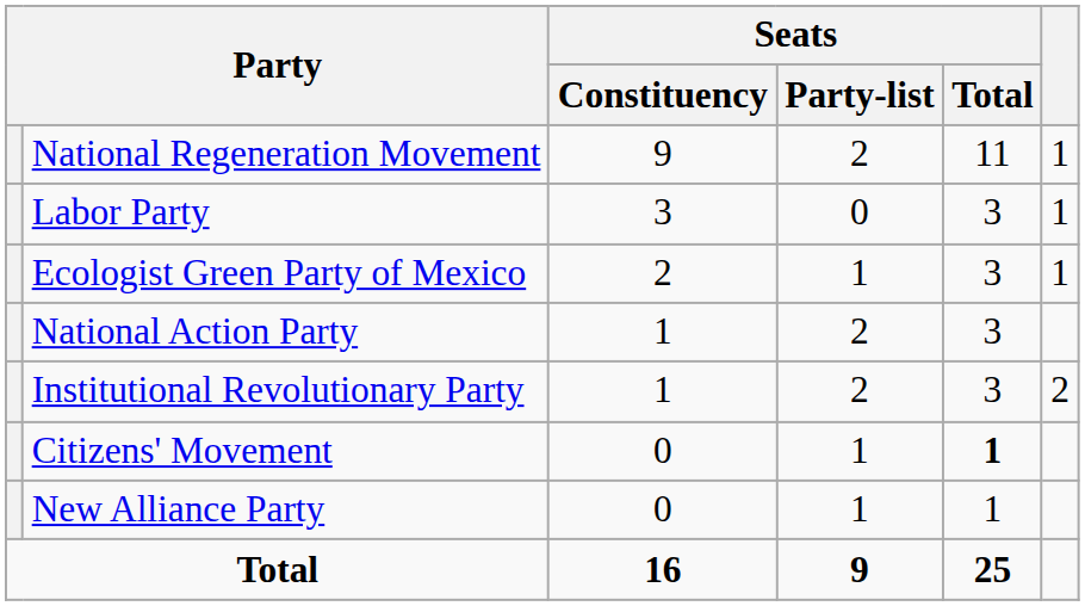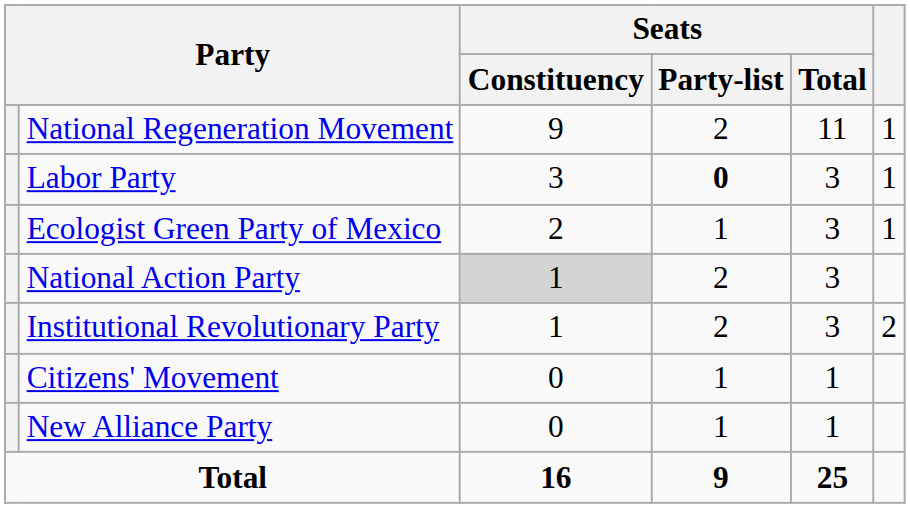 <table class="wikitable" style="text-align:center;">
 <tr>
 <th colspan="2" rowspan="2">Party</th>
 <th colspan="3">Seats</th>
 <th rowspan="2"></th>
 </tr>
 <tr>
 <th style="width:3em"><strong>Constituency</strong></th>
 <th>Party-list</th>
 <th>Total</th>
 </tr>
 <tr>
 <th style="background-color:"></th>
 <td style="text-align:left;"><a href='#'>National Regeneration Movement</a></td>
 <td>9</td>
 <td>2</td>
 <td>11</td>
 <td> 1</td>
 </tr>
 <tr>
 <th style="background-color:"></th>
 <td style="text-align:left;"><a href='#'>Labor Party</a></td>
 <td>3</td>
-<td>0</td>
+<td><strong>0</strong></td>
 <td>3</td>
 <td> 1</td>
 </tr>
 <tr>
 <th style="background-color:"></th>
 <td style="text-align:left;"><a href='#'>Ecologist Green Party of Mexico</a></td>
 <td>2</td>
 <td>1</td>
 <td>3</td>
 <td> 1</td>
 </tr>
 <tr>
 <th style="background-color:"></th>
 <td style="text-align:left;"><a href='#'>National Action Party</a></td>
-<td>1</td>
+<td style="background: lightgrey;">1</td>
 <td>2</td>
 <td>3</td>
 <td></td>
 </tr>
 <tr>
 <th style="background-color:"></th>
 <td style="text-align:left;"><a href='#'>Institutional Revolutionary Party</a></td>
 <td>1</td>
 <td>2</td>
 <td>3</td>
 <td> 2</td>
 </tr>
 <tr>
 <th style="background-color:"></th>
 <td style="text-align:left;"><a href='#'>Citizens' Movement</a></td>
 <td>0</td>
 <td>1</td>
-<td><strong>1</strong></td>
+<td>1</td>
 <td></td>
 </tr>
 <tr>
 <th style="background-color:"></th>
 <td style="text-align:left;"><a href='#'>New Alliance Party</a></td>
 <td>0</td>
 <td>1</td>
 <td>1</td>
 <td></td>
 </tr>
 <tr>
 <td colspan="2"><strong>Total</strong></td>
 <td><strong>16</strong></td>
 <td><strong>9</strong></td>
 <td><strong>25</strong></td>
 <td></td>
 </tr>
 </table>
